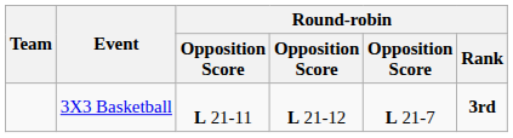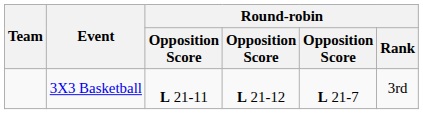 <table class="wikitable">
 <tr>
 <th rowspan="2">Team</th>
 <th rowspan="2">Event</th>
 <th colspan="4">Round-robin</th>
 </tr>
 <tr>
 <th>Opposition<br>Score</th>
 <th>Opposition<br>Score</th>
 <th>Opposition<br>Score</th>
 <th>Rank</th>
 </tr>
 <tr align="center">
 <td></td>
 <td align="left"><a href='#'>3X3 Basketball</a></td>
 <td><br> <strong>L</strong> 21-11</td>
 <td><br> <strong>L</strong> 21-12</td>
 <td><br> <strong>L</strong> 21-7</td>
-<td><strong>3rd</strong></td>
+<td>3rd</td>
 </tr>
 </table>
